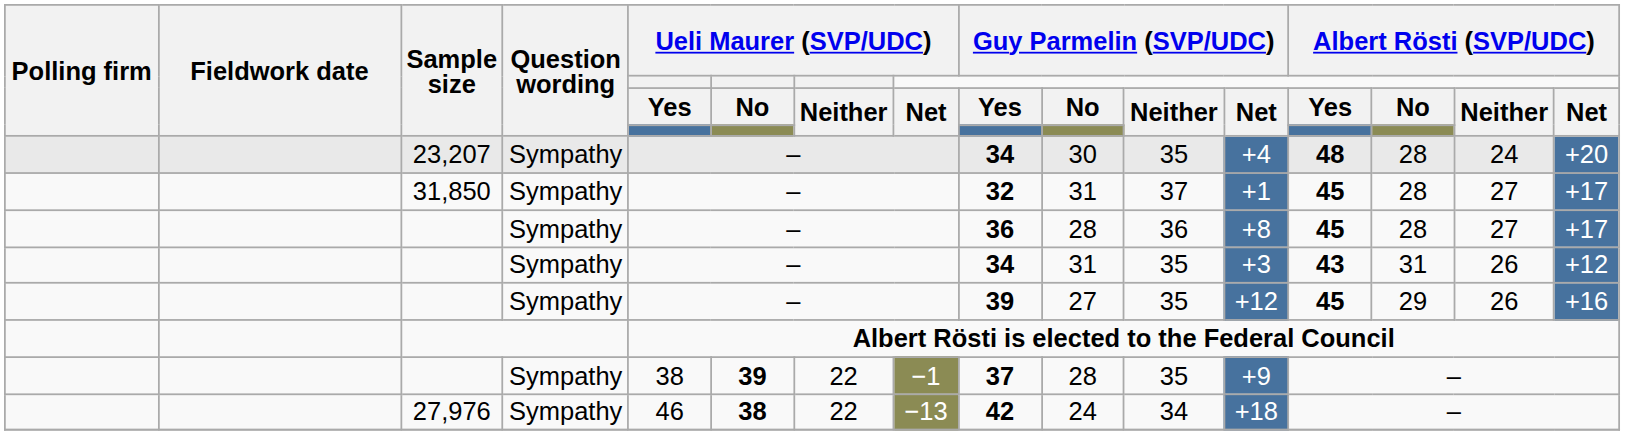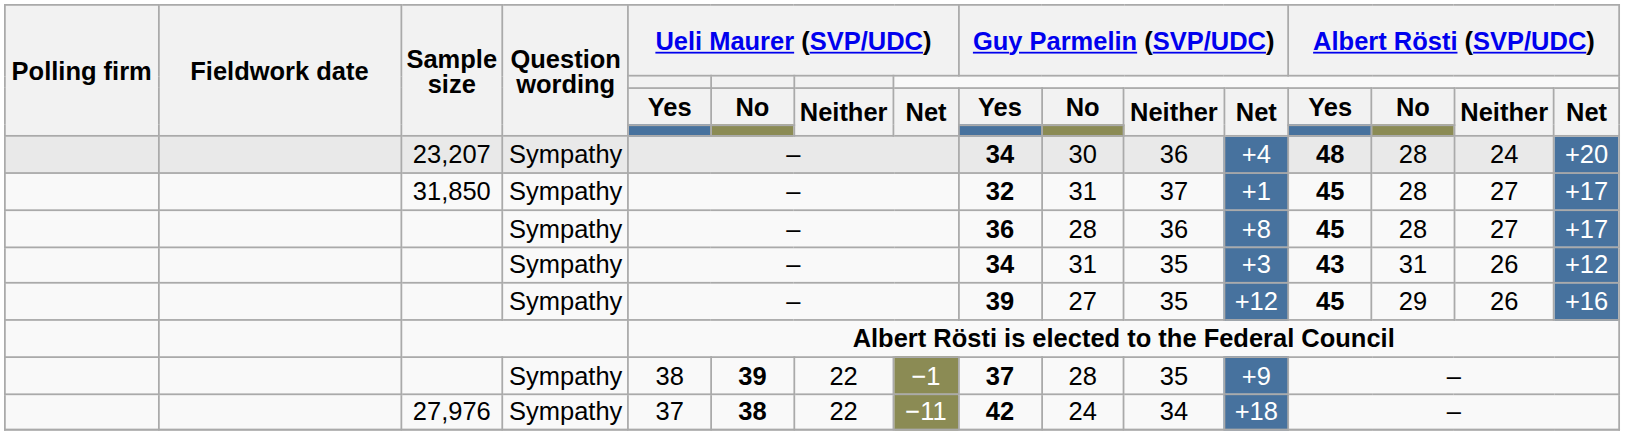 <table class="wikitable" style="text-align:center;font-size:90%;line-height:14px;">
 <tr style="height:40px;">
 <th style="width:80px;" rowspan="4">Polling firm</th>
 <th style="width:130px;" rowspan="4">Fieldwork date</th>
 <th style="width:35px;" rowspan="4">Sample<br>size</th>
 <th style="width:60px;" rowspan="4">Question wording</th>
 <th colspan="4"><a href='#'>Ueli Maurer</a> (<a href='#'>SVP/UDC</a>)</th>
 <th colspan="4"><a href='#'>Guy Parmelin</a> (<a href='#'>SVP/UDC</a>)</th>
 <th colspan="4"><a href='#'>Albert Rösti</a> (<a href='#'>SVP/UDC</a>)</th>
 </tr>
 <tr>
 <th style="background:"></th>
 <th style="background:"></th>
 <th style="background:"></th>
 </tr>
 <tr>
 <th style="width:40px;">Yes</th>
 <th style="width:40px;">No</th>
 <th style="width:30px;" rowspan="2">Neither</th>
 <th style="width:30px;" rowspan="2">Net</th>
 <th style="width:40px;">Yes</th>
 <th style="width:40px;">No</th>
 <th style="width:30px;" rowspan="2">Neither</th>
 <th style="width:30px;" rowspan="2">Net</th>
 <th style="width:40px;">Yes</th>
 <th style="width:40px;">No</th>
 <th style="width:30px;" rowspan="2">Neither</th>
 <th style="width:30px;" rowspan="2">Net</th>
 </tr>
 <tr>
 <th style="background:#47729E;"></th>
 <th style="background:#8B8B54;"></th>
 <th style="background:#47729E;"></th>
 <th style="background:#8B8B54;"></th>
 <th style="background:#47729E;"></th>
 <th style="background:#8B8B54;"></th>
 </tr>
 <tr style="background:#E9E9E9;">
 <td></td>
 <td></td>
 <td>23,207</td>
 <td>Sympathy</td>
 <td colspan=4>–</td>
 <td style="background:#"><strong>34</strong></td>
 <td>30</td>
-<td>35</td>
+<td>36</td>
 <td style="background:#47729E;color:#FFFFFF;">+4</td>
 <td style="background:#"><strong>48</strong></td>
 <td>28</td>
 <td>24</td>
 <td style="background:#47729E;color:#FFFFFF;">+20</td>
 </tr>
 <tr>
 <td></td>
 <td></td>
 <td>31,850</td>
 <td>Sympathy</td>
 <td colspan=4>–</td>
 <td style="background:#"><strong>32</strong></td>
 <td>31</td>
 <td>37</td>
 <td style="background:#47729E;color:#FFFFFF;">+1</td>
 <td style="background:#"><strong>45</strong></td>
 <td>28</td>
 <td>27</td>
 <td style="background:#47729E;color:#FFFFFF;">+17</td>
 </tr>
 <tr>
 <td></td>
 <td></td>
 <td></td>
 <td>Sympathy</td>
 <td colspan=4>–</td>
 <td style="background:#"><strong>36</strong></td>
 <td>28</td>
 <td>36</td>
 <td style="background:#47729E;color:#FFFFFF;">+8</td>
 <td style="background:#"><strong>45</strong></td>
 <td>28</td>
 <td>27</td>
 <td style="background:#47729E;color:#FFFFFF;">+17</td>
 </tr>
 <tr>
 <td></td>
 <td></td>
 <td></td>
 <td>Sympathy</td>
 <td colspan=4>–</td>
 <td style="background:#"><strong>34</strong></td>
 <td>31</td>
 <td>35</td>
 <td style="background:#47729E;color:#FFFFFF;">+3</td>
 <td style="background:#"><strong>43</strong></td>
 <td>31</td>
 <td>26</td>
 <td style="background:#47729E;color:#FFFFFF;">+12</td>
 </tr>
 <tr>
 <td></td>
 <td></td>
 <td></td>
 <td>Sympathy</td>
 <td colspan=4>–</td>
 <td style="background:#"><strong>39</strong></td>
 <td>27</td>
 <td>35</td>
 <td style="background:#47729E;color:#FFFFFF;">+12</td>
 <td style="background:#"><strong>45</strong></td>
 <td>29</td>
 <td>26</td>
 <td style="background:#47729E;color:#FFFFFF;">+16</td>
 </tr>
 <tr>
 <td></td>
 <td></td>
 <td colspan=2></td>
 <td colspan=12><strong>Albert Rösti is elected to the Federal Council</strong></td>
 </tr>
 <tr>
 <td></td>
 <td></td>
 <td></td>
 <td>Sympathy</td>
 <td>38</td>
 <td style="background:#"><strong>39</strong></td>
 <td>22</td>
 <td style="background:#8B8B54;color:#FFFFFF;">−1</td>
 <td style="background:#"><strong>37</strong></td>
 <td>28</td>
 <td>35</td>
 <td style="background:#47729E;color:#FFFFFF;">+9</td>
 <td colspan=4>–</td>
 </tr>
 <tr>
 <td></td>
 <td></td>
 <td>27,976</td>
 <td>Sympathy</td>
-<td>46</td>
+<td>37</td>
 <td style="background:#"><strong>38</strong></td>
 <td>22</td>
-<td style="background:#8B8B54;color:#FFFFFF;">−13</td>
+<td style="background:#8B8B54;color:#FFFFFF;">−11</td>
 <td style="background:#"><strong>42</strong></td>
 <td>24</td>
 <td>34</td>
 <td style="background:#47729E;color:#FFFFFF;">+18</td>
 <td colspan=4>–</td>
 </tr>
 <tr>
 </tr>
 </table>
